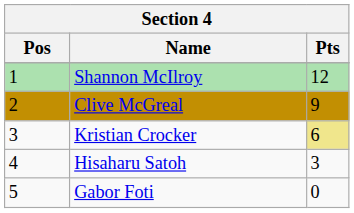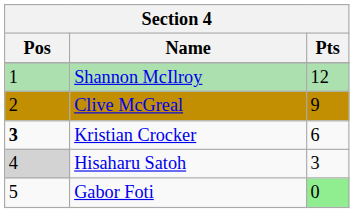 <table class="wikitable">
 <tr>
 <th colspan="6">Section 4</th>
 </tr>
 <tr>
 <th width=50>Pos</th>
 <th width=200>Name</th>
 <th width=30>Pts</th>
 </tr>
 <tr>
 </tr>
 <tr style="background:#ACE1AF;">
 <td>1</td>
 <td> <a href='#'>Shannon McIlroy</a></td>
 <td>12</td>
 </tr>
 <tr style="background:#c28f02;">
 <td>2</td>
 <td> <a href='#'>Clive McGreal</a></td>
 <td>9</td>
 </tr>
 <tr>
-<td>3</td>
+<td><strong>3</strong></td>
 <td> <a href='#'>Kristian Crocker</a></td>
-<td style="background: khaki;">6</td>
+<td>6</td>
 </tr>
 <tr>
-<td>4</td>
+<td style="background: lightgrey;">4</td>
 <td> <a href='#'>Hisaharu Satoh</a></td>
 <td>3</td>
 </tr>
 <tr>
 <td>5</td>
 <td> <a href='#'>Gabor Foti</a></td>
-<td>0</td>
+<td style="background: lightgreen;">0</td>
 </tr>
 </table>
